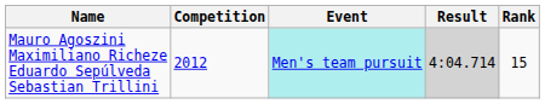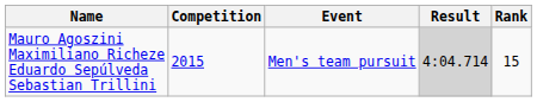 <table class="wikitable sortable">
 <tr>
 <th>Name</th>
 <th>Competition</th>
 <th>Event</th>
 <th>Result</th>
 <th>Rank</th>
 </tr>
 <tr>
 <td><a href='#'>Mauro Agoszini</a><br><a href='#'>Maximiliano Richeze</a><br><a href='#'>Eduardo Sepúlveda</a><br><a href='#'>Sebastian Trillini</a></td>
-<td><a href='#'>2012</a></td>
-<td style="background: paleturquoise;"><a href='#'>Men's team pursuit</a></td>
+<td><a href='#'>2015</a></td>
+<td><a href='#'>Men's team pursuit</a></td>
 <td style="background: lightgrey;">4:04.714</td>
 <td align=center>15</td>
 </tr>
 </table>
